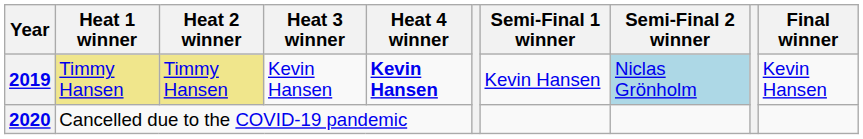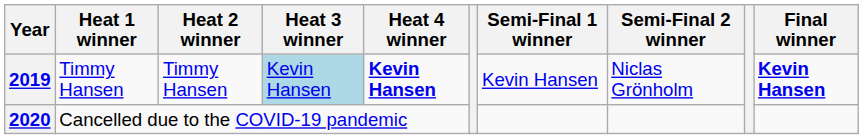 <table class="wikitable" width=100% style="font-size: 85%;">
 <tr>
 <th>Year</th>
 <th>Heat 1 winner</th>
 <th>Heat 2 winner</th>
 <th>Heat 3 winner</th>
 <th>Heat 4 winner</th>
 <th rowspan="3"></th>
 <th>Semi-Final 1 winner</th>
 <th>Semi-Final 2 winner</th>
 <th rowspan="3"></th>
 <th>Final winner</th>
 </tr>
 <tr>
 <th><a href='#'>2019</a></th>
-<td style="background: khaki;"> <a href='#'>Timmy Hansen</a></td>
-<td style="background: khaki;"> <a href='#'>Timmy Hansen</a></td>
-<td> <a href='#'>Kevin Hansen</a></td>
+<td> <a href='#'>Timmy Hansen</a></td>
+<td> <a href='#'>Timmy Hansen</a></td>
+<td style="background: lightblue;"> <a href='#'>Kevin Hansen</a></td>
 <td><strong> <a href='#'>Kevin Hansen</a></strong></td>
 <td> <a href='#'>Kevin Hansen</a></td>
-<td style="background: lightblue;"> <a href='#'>Niclas Grönholm</a></td>
-<td> <a href='#'>Kevin Hansen</a></td>
+<td> <a href='#'>Niclas Grönholm</a></td>
+<td><strong> <a href='#'>Kevin Hansen</a></strong></td>
 </tr>
 <tr>
 <th><a href='#'>2020</a></th>
 <td colspan="4">Cancelled due to the <a href='#'>COVID-19 pandemic</a></td>
 <td></td>
 <td></td>
 <td></td>
 </tr>
 </table>
